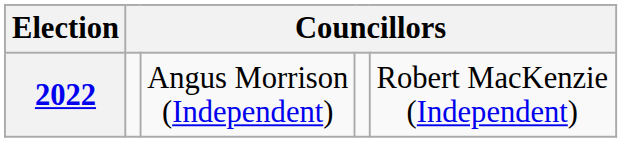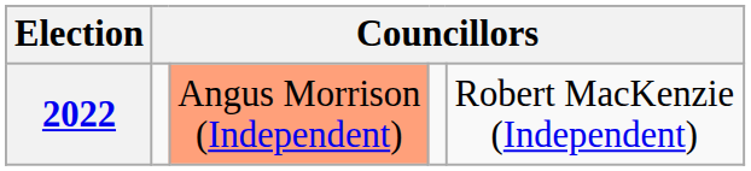 <table class="wikitable" style="text-align:center">
 <tr>
 <th>Election</th>
 <th colspan=4>Councillors</th>
 </tr>
 <tr>
 <th><a href='#'>2022</a></th>
 <td rowspan=1; style="background-color: "></td>
-<td rowspan=1>Angus Morrison<br>(<a href='#'>Independent</a>)</td>
+<td rowspan=1 style="background: lightsalmon;">Angus Morrison<br>(<a href='#'>Independent</a>)</td>
 <td rowspan=1; style="background-color: "></td>
 <td rowspan=1>Robert MacKenzie<br>(<a href='#'>Independent</a>)</td>
 </tr>
 </table>
